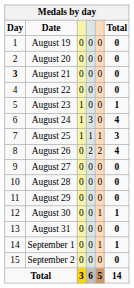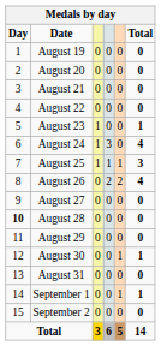 <table class=wikitable style="font-size:85%; float:right;text-align:center">
 <tr>
 <th colspan=7>Medals by day</th>
 </tr>
 <tr>
 <td><strong>Day</strong></td>
 <td><strong>Date</strong></td>
 <td bgcolor=F7F6A8></td>
 <td bgcolor=DCE5E5></td>
 <td bgcolor=FFDAB9></td>
 <td><strong>Total</strong></td>
 </tr>
 <tr>
 <td>1</td>
 <td>August 19</td>
 <td bgcolor=F7F6A8>0</td>
 <td bgcolor=DCE5E5>0</td>
 <td bgcolor=FFDAB9>0</td>
 <td><strong>0</strong></td>
 </tr>
 <tr>
 <td>2</td>
 <td>August 20</td>
 <td bgcolor=F7F6A8>0</td>
 <td bgcolor=DCE5E5>0</td>
 <td bgcolor=FFDAB9>0</td>
 <td><strong>0</strong></td>
 </tr>
 <tr>
-<td><strong>3</strong></td>
+<td>3</td>
 <td>August 21</td>
 <td bgcolor=F7F6A8>0</td>
 <td bgcolor=DCE5E5>0</td>
 <td bgcolor=FFDAB9>0</td>
 <td><strong>0</strong></td>
 </tr>
 <tr>
 <td>4</td>
 <td>August 22</td>
 <td bgcolor=F7F6A8>0</td>
 <td bgcolor=DCE5E5>0</td>
 <td bgcolor=FFDAB9>0</td>
 <td><strong>0</strong></td>
 </tr>
 <tr>
 <td>5</td>
 <td>August 23</td>
 <td bgcolor=F7F6A8>1</td>
 <td bgcolor=DCE5E5>0</td>
 <td bgcolor=FFDAB9>0</td>
 <td><strong>1</strong></td>
 </tr>
 <tr>
 <td>6</td>
 <td>August 24</td>
 <td bgcolor=F7F6A8>1</td>
 <td bgcolor=DCE5E5>3</td>
 <td bgcolor=FFDAB9>0</td>
 <td><strong>4</strong></td>
 </tr>
 <tr>
 <td>7</td>
 <td>August 25</td>
 <td bgcolor=F7F6A8>1</td>
 <td bgcolor=DCE5E5>1</td>
 <td bgcolor=FFDAB9>1</td>
 <td><strong>3</strong></td>
 </tr>
 <tr>
 <td>8</td>
 <td>August 26</td>
 <td bgcolor=F7F6A8>0</td>
 <td bgcolor=DCE5E5>2</td>
 <td bgcolor=FFDAB9>2</td>
 <td><strong>4</strong></td>
 </tr>
 <tr>
 <td>9</td>
 <td>August 27</td>
 <td bgcolor=F7F6A8>0</td>
 <td bgcolor=DCE5E5>0</td>
 <td bgcolor=FFDAB9>0</td>
 <td><strong>0</strong></td>
 </tr>
 <tr>
-<td>10</td>
+<td><strong>10</strong></td>
 <td>August 28</td>
 <td bgcolor=F7F6A8>0</td>
 <td bgcolor=DCE5E5>0</td>
 <td bgcolor=FFDAB9>0</td>
 <td><strong>0</strong></td>
 </tr>
 <tr>
 <td>11</td>
 <td>August 29</td>
 <td bgcolor=F7F6A8>0</td>
 <td bgcolor=DCE5E5>0</td>
 <td bgcolor=FFDAB9>0</td>
 <td><strong>0</strong></td>
 </tr>
 <tr>
 <td>12</td>
 <td>August 30</td>
 <td bgcolor=F7F6A8>0</td>
 <td bgcolor=DCE5E5>0</td>
 <td bgcolor=FFDAB9>1</td>
 <td><strong>1</strong></td>
 </tr>
 <tr>
 <td>13</td>
 <td>August 31</td>
 <td bgcolor=F7F6A8>0</td>
 <td bgcolor=DCE5E5>0</td>
 <td bgcolor=FFDAB9>0</td>
 <td><strong>0</strong></td>
 </tr>
 <tr>
 <td>14</td>
 <td>September 1</td>
 <td bgcolor=F7F6A8>0</td>
 <td bgcolor=DCE5E5>0</td>
 <td bgcolor=FFDAB9>1</td>
 <td><strong>1</strong></td>
 </tr>
 <tr>
 <td>15</td>
 <td>September 2</td>
 <td bgcolor=F7F6A8>0</td>
 <td bgcolor=DCE5E5>0</td>
 <td bgcolor=FFDAB9>0</td>
 <td><strong>0</strong></td>
 </tr>
 <tr>
 <td colspan=2><strong>Total</strong></td>
 <td style="background:gold;"><strong>3</strong></td>
 <td style="background:silver;"><strong>6</strong></td>
 <td style="background:#c96;"><strong>5</strong></td>
 <td><strong>14</strong></td>
 </tr>
 </table>
